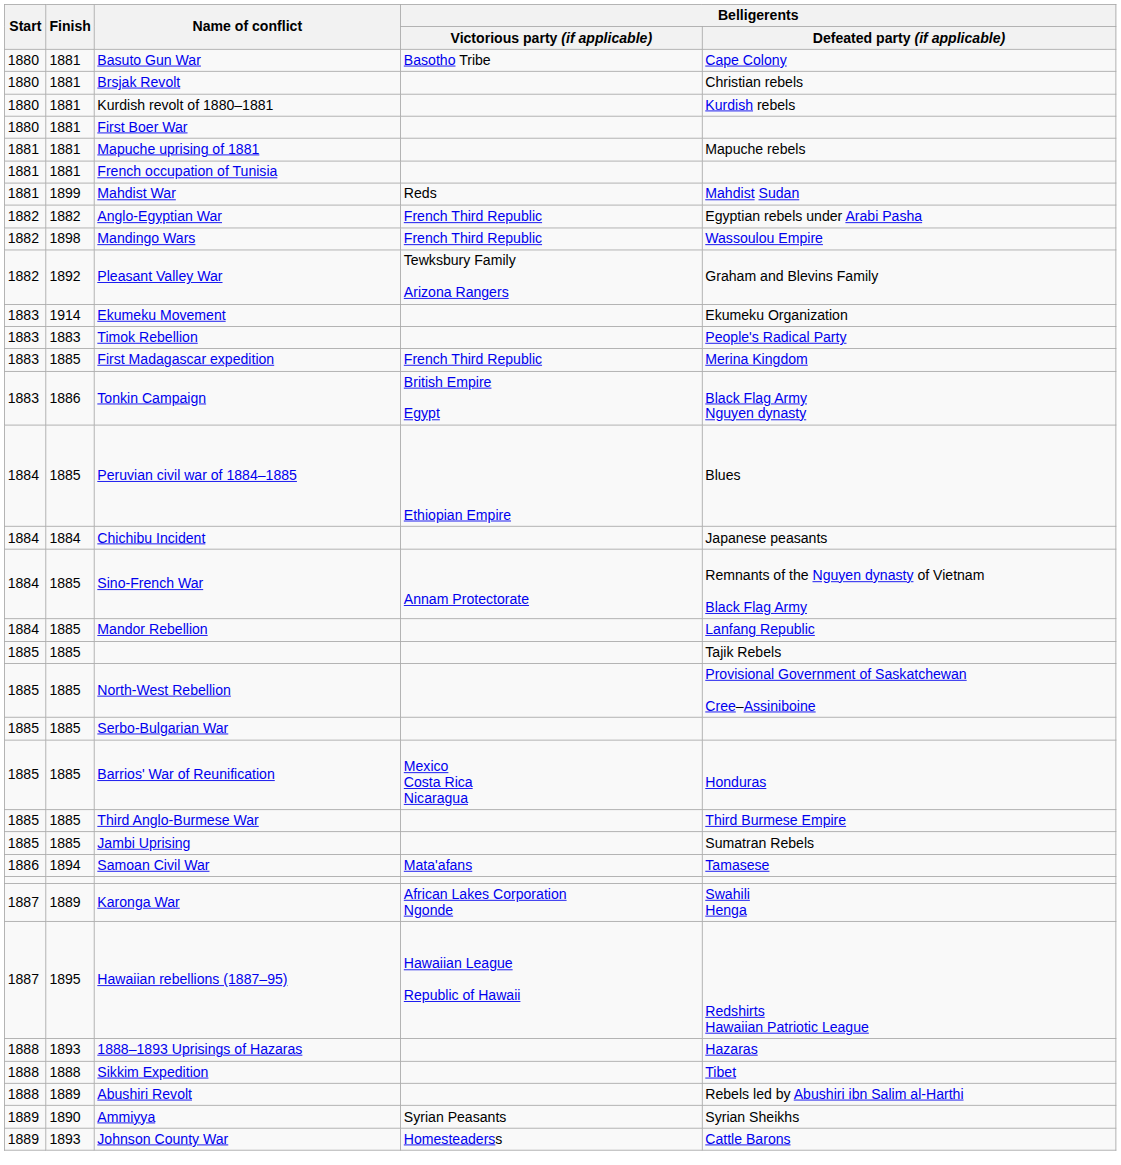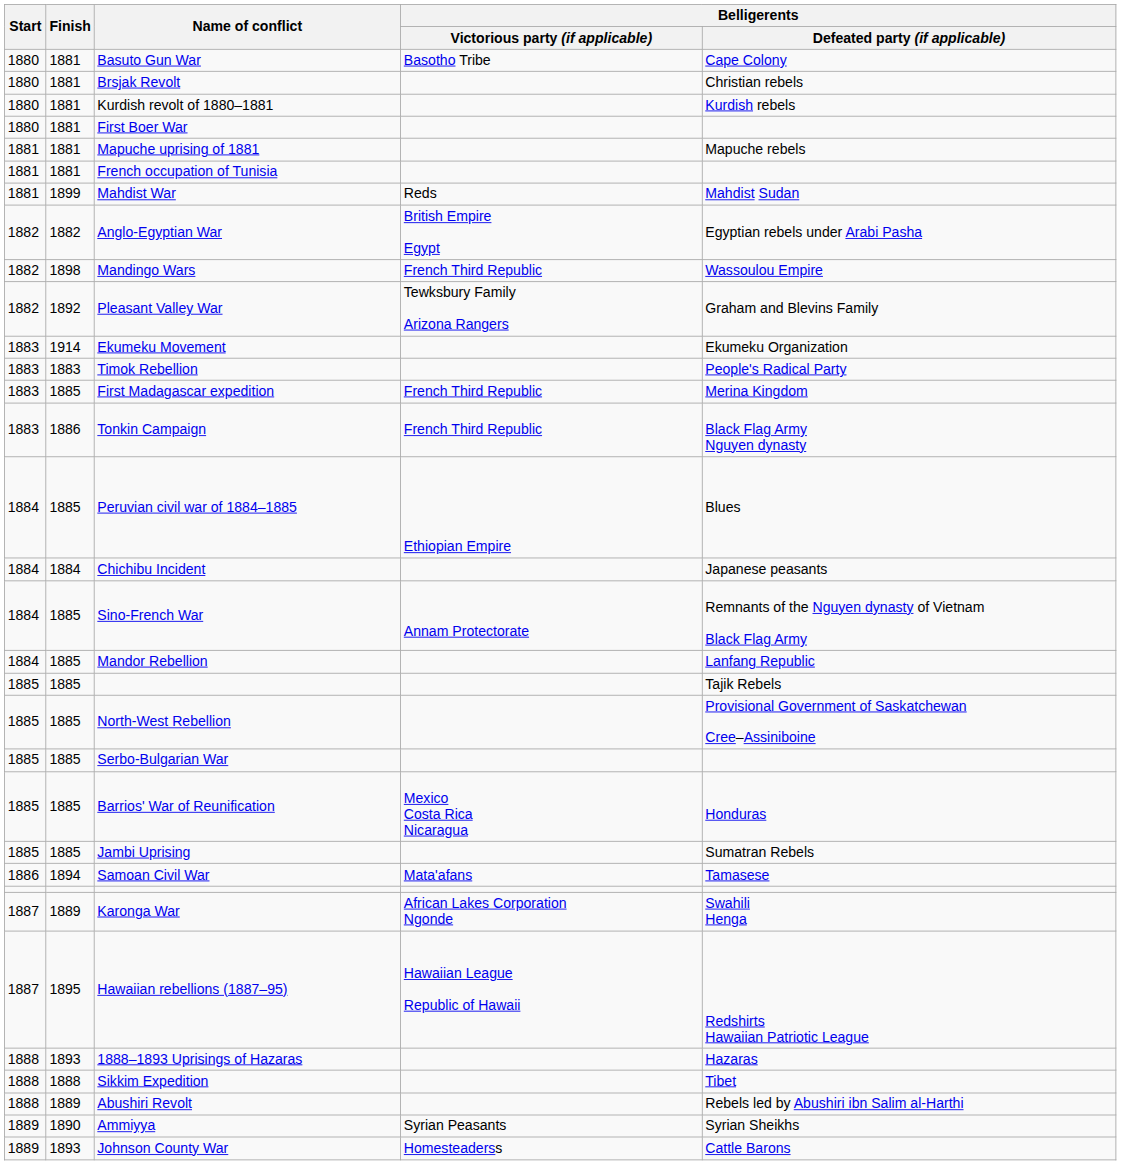 <table class="wikitable sortable" width="100%">
 <tr>
 <th rowspan="2" width="40">Start</th>
 <th rowspan="2" width="40">Finish</th>
 <th rowspan="2" class="unsortable">Name of conflict</th>
 <th colspan="2" class="unsortable">Belligerents</th>
 </tr>
 <tr>
 <th>Victorious party <em>(if applicable)</em></th>
 <th>Defeated party <em>(if applicable)</em></th>
 </tr>
 <tr>
 <td>1880</td>
 <td>1881</td>
 <td><a href='#'>Basuto Gun War</a></td>
 <td><a href='#'>Basotho</a> Tribe</td>
 <td> <a href='#'>Cape Colony</a></td>
 </tr>
 <tr>
 <td>1880</td>
 <td>1881</td>
 <td><a href='#'>Brsjak Revolt</a></td>
 <td></td>
 <td>Christian rebels</td>
 </tr>
 <tr>
 <td>1880</td>
 <td>1881</td>
 <td>Kurdish revolt of 1880–1881</td>
 <td></td>
 <td><a href='#'>Kurdish</a> rebels</td>
 </tr>
 <tr>
 <td>1880</td>
 <td>1881</td>
 <td><a href='#'>First Boer War</a></td>
 <td></td>
 <td></td>
 </tr>
 <tr>
 <td>1881</td>
 <td>1881</td>
 <td><a href='#'>Mapuche uprising of 1881</a></td>
 <td></td>
 <td>Mapuche rebels</td>
 </tr>
 <tr>
 <td>1881</td>
 <td>1881</td>
 <td><a href='#'>French occupation of Tunisia</a></td>
 <td></td>
 <td></td>
 </tr>
 <tr>
 <td>1881</td>
 <td>1899</td>
 <td><a href='#'>Mahdist War</a></td>
 <td>Reds<br></td>
 <td><a href='#'>Mahdist</a> <a href='#'>Sudan</a></td>
 </tr>
 <tr>
 <td>1882</td>
 <td>1882</td>
 <td><a href='#'>Anglo-Egyptian War</a></td>
-<td> <a href='#'>French Third Republic</a></td>
+<td> <a href='#'>British Empire</a><br><br> <a href='#'>Egypt</a></td>
 <td>Egyptian rebels under <a href='#'>Arabi Pasha</a></td>
 </tr>
 <tr>
 <td>1882</td>
 <td>1898</td>
 <td><a href='#'>Mandingo Wars</a></td>
 <td> <a href='#'>French Third Republic</a></td>
 <td> <a href='#'>Wassoulou Empire</a></td>
 </tr>
 <tr>
 <td>1882</td>
 <td>1892</td>
 <td><a href='#'>Pleasant Valley War</a></td>
 <td> Tewksbury Family<br><br> <a href='#'>Arizona Rangers</a></td>
 <td> Graham and Blevins Family</td>
 </tr>
 <tr>
 <td>1883</td>
 <td>1914</td>
 <td><a href='#'>Ekumeku Movement</a></td>
 <td></td>
 <td>Ekumeku Organization</td>
 </tr>
 <tr>
 <td>1883</td>
 <td>1883</td>
 <td><a href='#'>Timok Rebellion</a></td>
 <td></td>
 <td><a href='#'>People's Radical Party</a></td>
 </tr>
 <tr>
 <td>1883</td>
 <td>1885</td>
 <td><a href='#'>First Madagascar expedition</a></td>
 <td> <a href='#'>French Third Republic</a></td>
 <td> <a href='#'>Merina Kingdom</a></td>
 </tr>
 <tr>
 <td>1883</td>
 <td>1886</td>
 <td><a href='#'>Tonkin Campaign</a></td>
-<td> <a href='#'>British Empire</a><br><br> <a href='#'>Egypt</a></td>
+<td> <a href='#'>French Third Republic</a></td>
 <td><br> <a href='#'>Black Flag Army</a><br><a href='#'>Nguyen dynasty</a></td>
 </tr>
 <tr>
 <td>1884</td>
 <td>1885</td>
 <td><a href='#'>Peruvian civil war of 1884–1885</a></td>
 <td><br><br><br> <br> <br>  <a href='#'>Ethiopian Empire</a></td>
 <td>Blues<br></td>
 </tr>
 <tr>
 <td>1884</td>
 <td>1884</td>
 <td><a href='#'>Chichibu Incident</a></td>
 <td></td>
 <td>Japanese peasants</td>
 </tr>
 <tr>
 <td>1884</td>
 <td>1885</td>
 <td><a href='#'>Sino-French War</a></td>
 <td><br><br> <a href='#'>Annam Protectorate</a></td>
 <td><br>Remnants of the <a href='#'>Nguyen dynasty</a> of Vietnam<br><br> <a href='#'>Black Flag Army</a></td>
 </tr>
 <tr>
 <td>1884</td>
 <td>1885</td>
 <td><a href='#'>Mandor Rebellion</a></td>
 <td></td>
 <td><a href='#'>Lanfang Republic</a></td>
 </tr>
 <tr>
 <td>1885</td>
 <td>1885</td>
 <td></td>
 <td></td>
 <td>Tajik Rebels</td>
 </tr>
 <tr>
 <td>1885</td>
 <td>1885</td>
 <td><a href='#'>North-West Rebellion</a></td>
 <td></td>
 <td><a href='#'>Provisional Government of Saskatchewan</a><br><br><a href='#'>Cree</a>–<a href='#'>Assiniboine</a></td>
 </tr>
 <tr>
 <td>1885</td>
 <td>1885</td>
 <td><a href='#'>Serbo-Bulgarian War</a></td>
 <td></td>
 <td></td>
 </tr>
 <tr>
 <td>1885</td>
 <td>1885</td>
 <td><a href='#'>Barrios' War of Reunification</a></td>
 <td><br> <a href='#'>Mexico</a><br> <a href='#'>Costa Rica</a><br> <a href='#'>Nicaragua</a></td>
 <td><br> <a href='#'>Honduras</a></td>
-</tr>
-<tr>
-<td>1885</td>
-<td>1885</td>
-<td><a href='#'>Third Anglo-Burmese War</a></td>
-<td></td>
-<td> <a href='#'>Third Burmese Empire</a></td>
 </tr>
 <tr>
 <td>1885</td>
 <td>1885</td>
 <td><a href='#'>Jambi Uprising</a></td>
 <td></td>
 <td>Sumatran Rebels</td>
 </tr>
 <tr>
 <td>1886</td>
 <td>1894</td>
 <td><a href='#'>Samoan Civil War</a></td>
 <td> <a href='#'>Mata'afans</a></td>
 <td> <a href='#'>Tamasese</a></td>
 </tr>
 <tr>
 <td></td>
 <td></td>
 <td></td>
 <td></td>
 <td></td>
 </tr>
 <tr>
 <td>1887</td>
 <td>1889</td>
 <td><a href='#'>Karonga War</a></td>
 <td><a href='#'>African Lakes Corporation</a> <br> <a href='#'>Ngonde</a></td>
 <td><a href='#'>Swahili</a> <br> <a href='#'>Henga</a></td>
 </tr>
 <tr>
 <td>1887</td>
 <td>1895</td>
 <td><a href='#'>Hawaiian rebellions (1887–95)</a></td>
 <td> <a href='#'>Hawaiian League</a> <br><br> <a href='#'>Republic of Hawaii</a><br> </td>
 <td> <br><br> <br>  <br>  <br>  <a href='#'>Redshirts</a> <br> <a href='#'>Hawaiian Patriotic League</a></td>
 </tr>
 <tr>
 <td>1888</td>
 <td>1893</td>
 <td><a href='#'>1888–1893 Uprisings of Hazaras</a></td>
 <td></td>
 <td><a href='#'>Hazaras</a></td>
 </tr>
 <tr>
 <td>1888</td>
 <td>1888</td>
 <td><a href='#'>Sikkim Expedition</a></td>
 <td></td>
 <td><a href='#'>Tibet</a></td>
 </tr>
 <tr>
 <td>1888</td>
 <td>1889</td>
 <td><a href='#'>Abushiri Revolt</a></td>
 <td></td>
 <td>Rebels led by <a href='#'>Abushiri ibn Salim al-Harthi</a></td>
 </tr>
 <tr>
 <td>1889</td>
 <td>1890</td>
 <td><a href='#'>Ammiyya</a></td>
 <td>Syrian Peasants</td>
 <td>Syrian Sheikhs</td>
 </tr>
 <tr>
 <td>1889</td>
 <td>1893</td>
 <td><a href='#'>Johnson County War</a></td>
 <td> <a href='#'>Homesteaders</a>s</td>
 <td> <a href='#'>Cattle Barons</a><br></td>
 </tr>
 </table>
